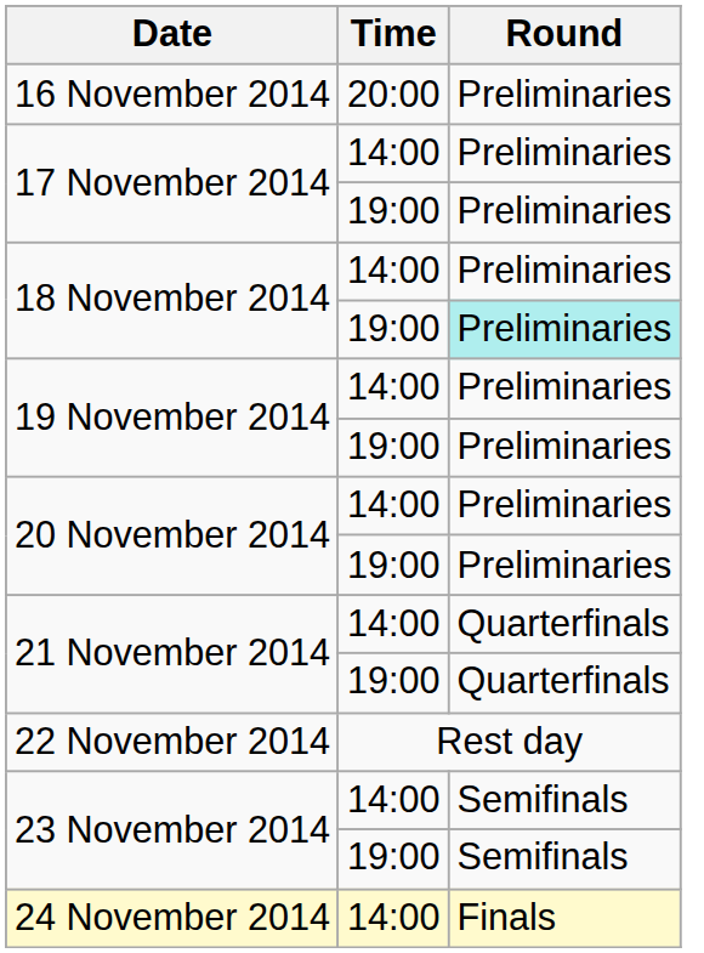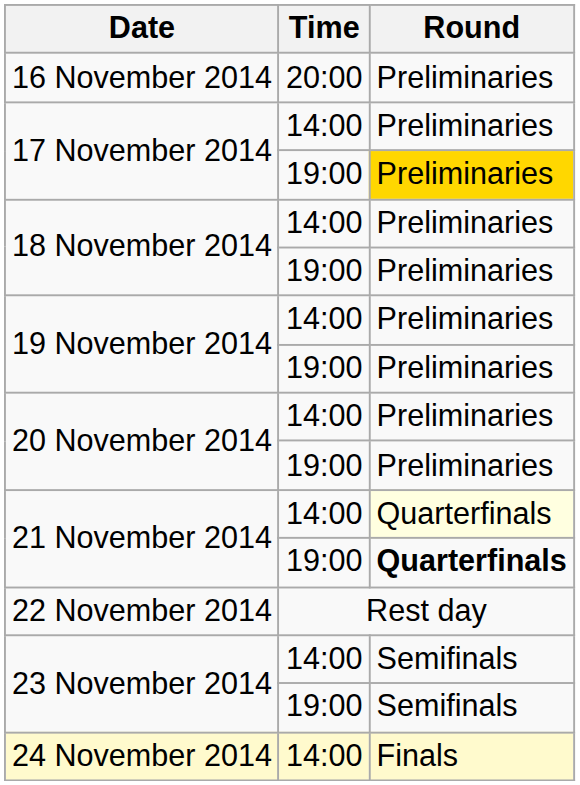 <table class="wikitable">
 <tr>
 <th>Date</th>
 <th>Time</th>
 <th>Round</th>
 </tr>
 <tr>
 <td>16 November 2014</td>
 <td>20:00</td>
 <td>Preliminaries</td>
 </tr>
 <tr>
 <td rowspan=2>17 November 2014</td>
 <td>14:00</td>
 <td>Preliminaries</td>
 </tr>
 <tr>
 <td>19:00</td>
-<td>Preliminaries</td>
+<td style="background: gold;">Preliminaries</td>
 </tr>
 <tr>
 <td rowspan=2>18 November 2014</td>
 <td>14:00</td>
 <td>Preliminaries</td>
 </tr>
 <tr>
 <td>19:00</td>
-<td style="background: paleturquoise;">Preliminaries</td>
+<td>Preliminaries</td>
 </tr>
 <tr>
 <td rowspan=2>19 November 2014</td>
 <td>14:00</td>
 <td>Preliminaries</td>
 </tr>
 <tr>
 <td>19:00</td>
 <td>Preliminaries</td>
 </tr>
 <tr>
 <td rowspan=2>20 November 2014</td>
 <td>14:00</td>
 <td>Preliminaries</td>
 </tr>
 <tr>
 <td>19:00</td>
 <td>Preliminaries</td>
 </tr>
 <tr>
 <td rowspan=2>21 November 2014</td>
 <td>14:00</td>
-<td>Quarterfinals</td>
+<td style="background: lightyellow;">Quarterfinals</td>
 </tr>
 <tr>
 <td>19:00</td>
-<td>Quarterfinals</td>
+<td><strong>Quarterfinals</strong></td>
 </tr>
 <tr>
 <td>22 November 2014</td>
 <td colspan=2 align=center>Rest day</td>
 </tr>
 <tr>
 <td rowspan=2>23 November 2014</td>
 <td>14:00</td>
 <td>Semifinals</td>
 </tr>
 <tr>
 <td>19:00</td>
 <td>Semifinals</td>
 </tr>
 <tr style=background:lemonchiffon>
 <td>24 November 2014</td>
 <td>14:00</td>
 <td>Finals</td>
 </tr>
 </table>
